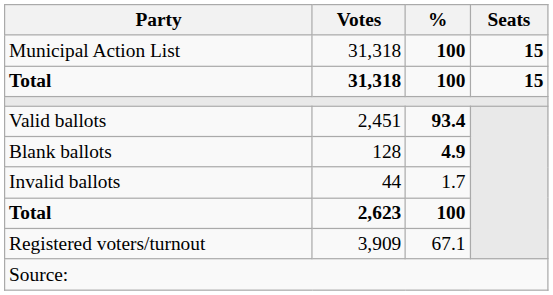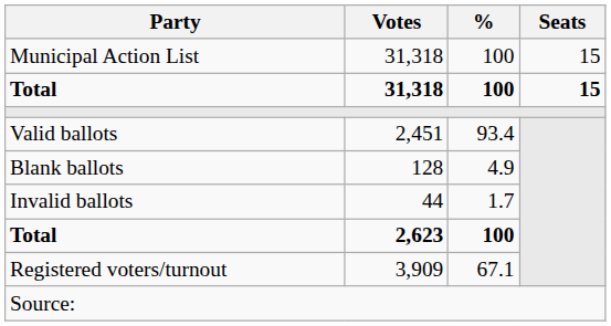 <table class=wikitable style=text-align:right width=450>
 <tr>
 <th>Party</th>
 <th>Votes</th>
 <th>%</th>
 <th>Seats</th>
 </tr>
 <tr>
 <td align=left>Municipal Action List</td>
 <td>31,318</td>
-<td><strong>100</strong></td>
-<td><strong>15</strong></td>
+<td>100</td>
+<td>15</td>
 </tr>
 <tr>
 <td align=left><strong>Total</strong></td>
 <td><strong>31,318</strong></td>
 <td><strong>100</strong></td>
 <td><strong>15</strong></td>
 </tr>
 <tr>
 <td bgcolor=#E9E9E9 colspan=4></td>
 </tr>
 <tr>
 <td align=left>Valid ballots</td>
 <td>2,451</td>
-<td><strong>93.4</strong></td>
+<td>93.4</td>
 <td rowspan=5 bgcolor=#E9E9E9></td>
 </tr>
 <tr>
 <td align=left>Blank ballots</td>
 <td>128</td>
-<td><strong>4.9</strong></td>
+<td>4.9</td>
 </tr>
 <tr>
 <td align=left>Invalid ballots</td>
 <td>44</td>
 <td>1.7</td>
 </tr>
 <tr>
 <td align=left><strong> Total</strong></td>
 <td><strong> 2,623</strong></td>
 <td><strong>100</strong></td>
 </tr>
 <tr>
 <td align=left>Registered voters/turnout</td>
 <td>3,909</td>
 <td>67.1</td>
 </tr>
 <tr>
 <td align=left colspan=4>Source: </td>
 </tr>
 </table>
